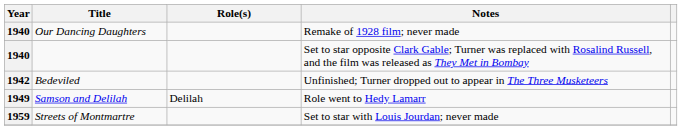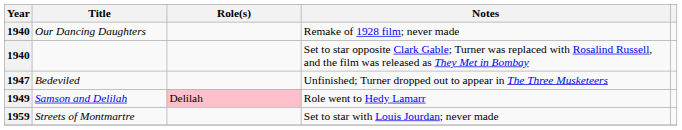 <table class="wikitable plainrowheaders sortable" style="margin-right: 0; width:75%">
 <tr>
 <th>Year</th>
 <th style="width:20%">Title</th>
 <th style="width:20%">Role(s)</th>
 <th class="unsortable">Notes</th>
 <th style="width:1%" class="unsortable"></th>
 </tr>
 <tr>
 <th scope="row">1940</th>
 <td><em>Our Dancing Daughters</em></td>
 <td></td>
 <td>Remake of <a href='#'>1928 film</a>; never made</td>
 <td align=center></td>
 </tr>
 <tr>
 <th scope="row">1940</th>
 <td><em></em></td>
 <td></td>
 <td>Set to star opposite <a href='#'>Clark Gable</a>; Turner was replaced with <a href='#'>Rosalind Russell</a>, and the film was released as <em><a href='#'>They Met in Bombay</a></em></td>
 <td align=center></td>
 </tr>
 <tr>
-<th scope="row">1942</th>
+<th scope="row">1947</th>
 <td><em>Bedeviled</em></td>
 <td></td>
 <td>Unfinished; Turner dropped out to appear in <em><a href='#'>The Three Musketeers</a></em></td>
 <td align=center></td>
 </tr>
 <tr>
 <th scope="row">1949</th>
 <td><em><a href='#'>Samson and Delilah</a></em></td>
-<td>Delilah</td>
+<td style="background: pink;">Delilah</td>
 <td>Role went to <a href='#'>Hedy Lamarr</a></td>
 <td align=center></td>
 </tr>
 <tr>
 <th scope="row">1959</th>
 <td><em>Streets of Montmartre</em></td>
 <td></td>
 <td>Set to star with <a href='#'>Louis Jourdan</a>; never made</td>
 <td align=center></td>
 </tr>
 <tr>
 </tr>
 </table>
